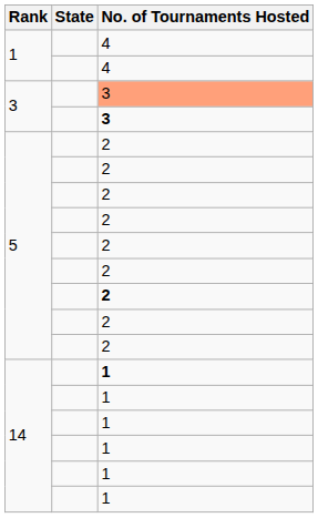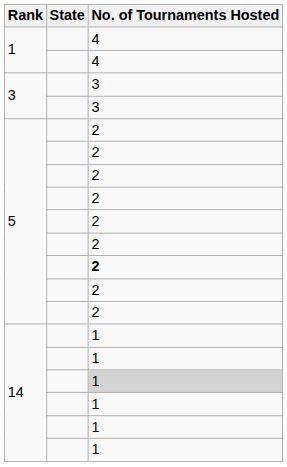 <table class="wikitable">
 <tr>
 <th>Rank</th>
 <th>State</th>
 <th>No. of Tournaments Hosted</th>
 </tr>
 <tr>
 <td rowspan="2">1</td>
 <td></td>
 <td>4</td>
 </tr>
 <tr>
 <td></td>
 <td>4</td>
 </tr>
 <tr>
 <td rowspan="2">3</td>
 <td></td>
-<td style="background: lightsalmon;">3</td>
+<td>3</td>
 </tr>
 <tr>
 <td></td>
-<td><strong>3</strong></td>
+<td>3</td>
 </tr>
 <tr>
 <td rowspan=9>5</td>
 <td></td>
 <td>2</td>
 </tr>
 <tr>
 <td></td>
 <td>2</td>
 </tr>
 <tr>
 <td></td>
 <td>2</td>
 </tr>
 <tr>
 <td></td>
 <td>2</td>
 </tr>
 <tr>
 <td></td>
 <td>2</td>
 </tr>
 <tr>
 <td></td>
 <td>2</td>
 </tr>
 <tr>
 <td></td>
 <td><strong>2</strong></td>
 </tr>
 <tr>
 <td></td>
 <td>2</td>
 </tr>
 <tr>
 <td></td>
 <td>2</td>
 </tr>
 <tr>
 <td rowspan=6>14</td>
 <td></td>
-<td><strong>1</strong></td>
+<td>1</td>
 </tr>
 <tr>
 <td></td>
 <td>1</td>
 </tr>
 <tr>
 <td></td>
-<td>1</td>
+<td style="background: lightgrey;">1</td>
 </tr>
 <tr>
 <td></td>
 <td>1</td>
 </tr>
 <tr>
 <td></td>
 <td>1</td>
 </tr>
 <tr>
 <td></td>
 <td>1</td>
 </tr>
 </table>
